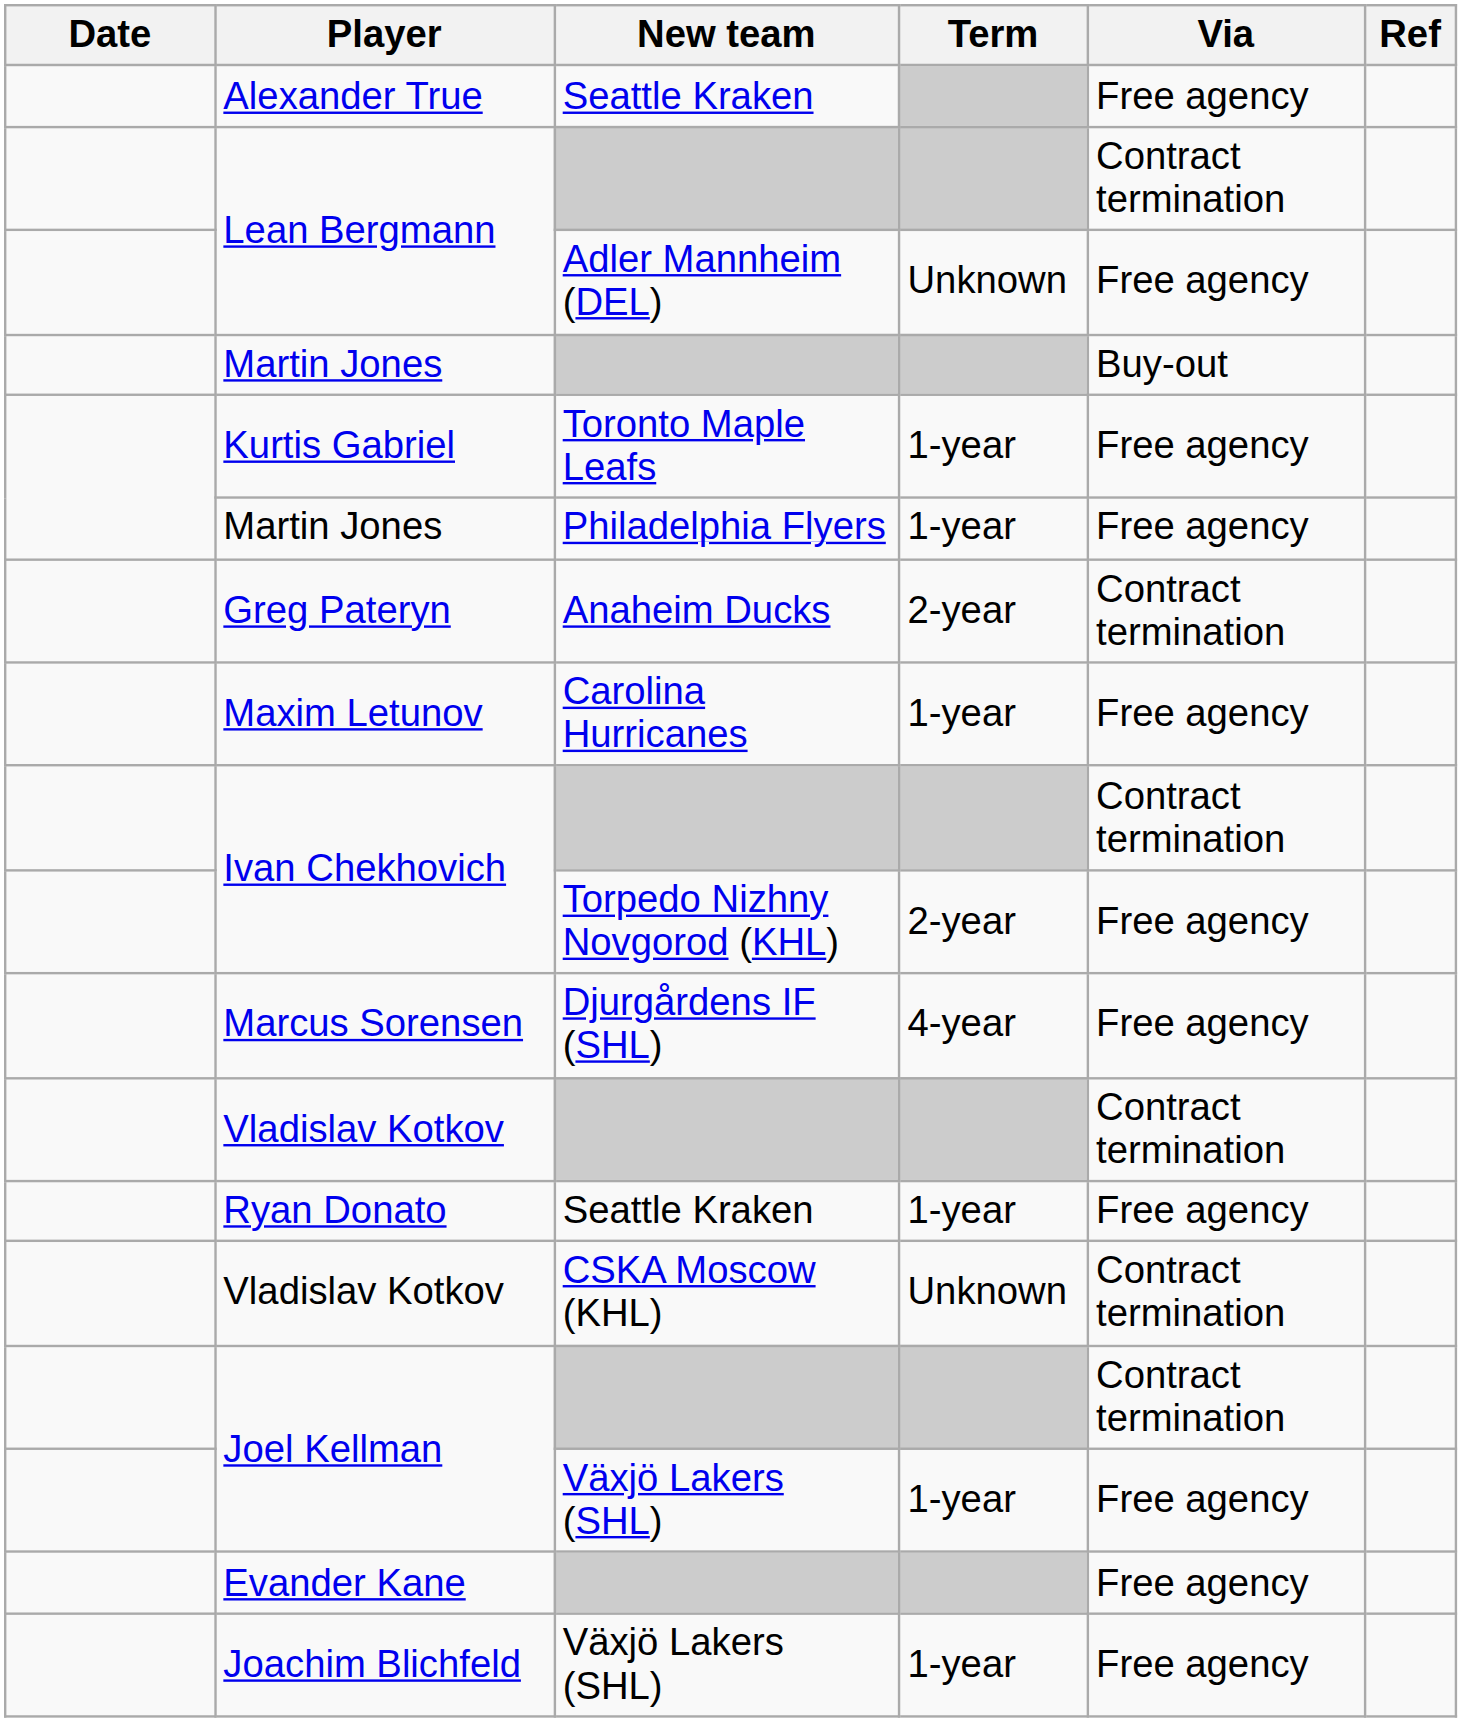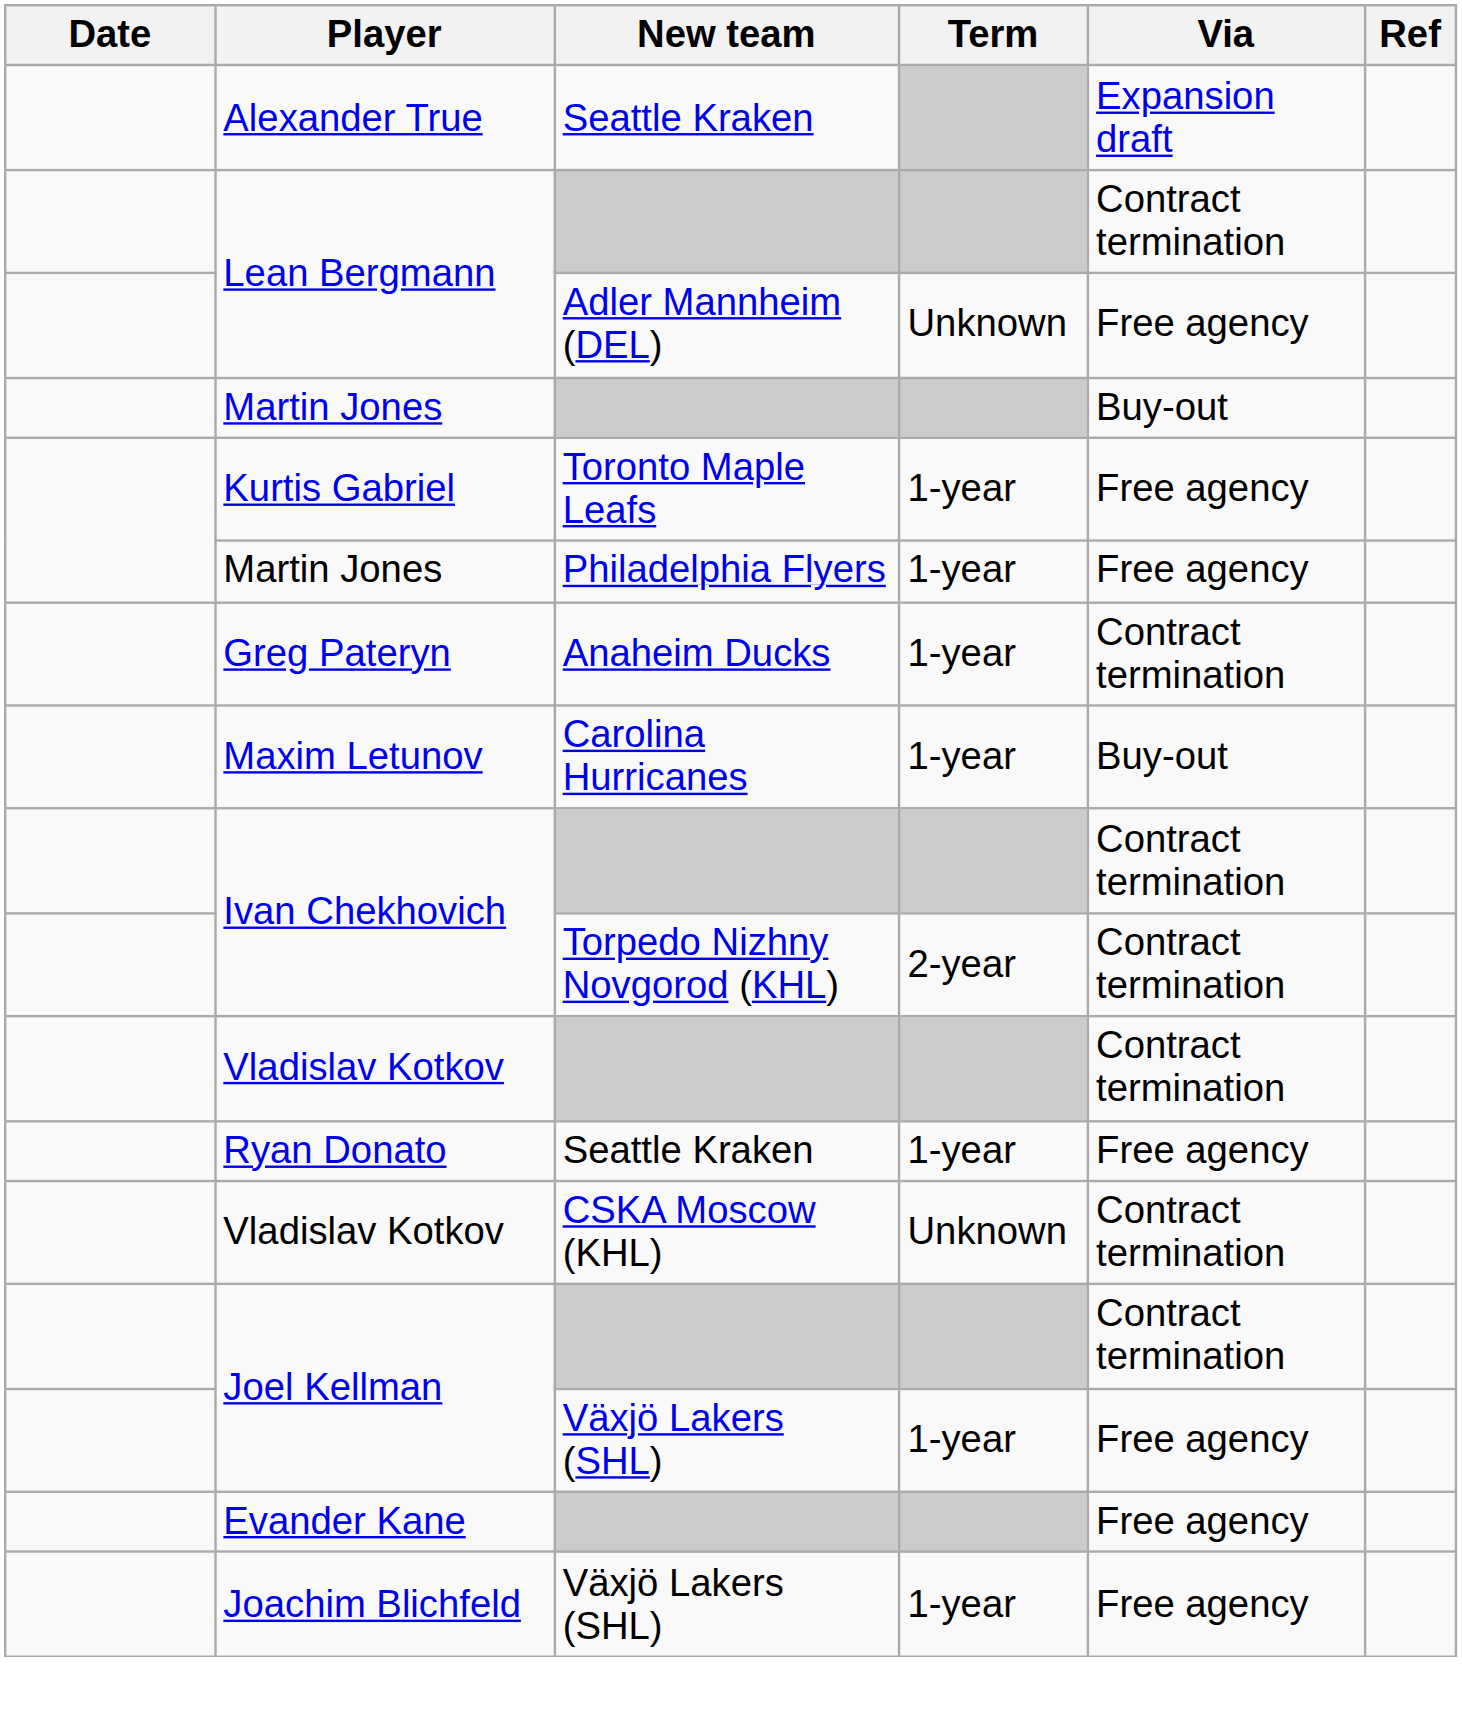 <table class="wikitable">
 <tr style="background:#ddd; text-align:center;">
 <th style="width: 10em;">Date</th>
 <th style="width: 14em;">Player</th>
 <th style="width: 14em;">New team</th>
 <th style="width: 5em;">Term</th>
 <th style="width: 10em;">Via</th>
 <th style="width: 2.5em;">Ref</th>
 </tr>
 <tr>
 <td></td>
 <td><a href='#'>Alexander True</a></td>
 <td><a href='#'>Seattle Kraken</a></td>
 <td style="background:#ccc;"></td>
-<td>Free agency</td>
+<td><a href='#'>Expansion draft</a></td>
 <td></td>
 </tr>
 <tr>
 <td></td>
 <td rowspan=2><a href='#'>Lean Bergmann</a></td>
 <td style="background:#ccc;"></td>
 <td style="background:#ccc;"></td>
 <td>Contract termination</td>
 <td></td>
 </tr>
 <tr>
 <td></td>
 <td><a href='#'>Adler Mannheim</a> (<a href='#'>DEL</a>)</td>
 <td>Unknown</td>
 <td>Free agency</td>
 <td></td>
 </tr>
 <tr>
 <td></td>
 <td><a href='#'>Martin Jones</a></td>
 <td style="background:#ccc;"></td>
 <td style="background:#ccc;"></td>
 <td>Buy-out</td>
 <td></td>
 </tr>
 <tr>
 <td rowspan=2></td>
 <td><a href='#'>Kurtis Gabriel</a></td>
 <td><a href='#'>Toronto Maple Leafs</a></td>
 <td>1-year</td>
 <td>Free agency</td>
 <td></td>
 </tr>
 <tr>
 <td>Martin Jones</td>
 <td><a href='#'>Philadelphia Flyers</a></td>
 <td>1-year</td>
 <td>Free agency</td>
 <td></td>
 </tr>
 <tr>
 <td></td>
 <td><a href='#'>Greg Pateryn</a></td>
 <td><a href='#'>Anaheim Ducks</a></td>
-<td>2-year</td>
+<td>1-year</td>
 <td>Contract termination</td>
 <td></td>
 </tr>
 <tr>
 <td></td>
 <td><a href='#'>Maxim Letunov</a></td>
 <td><a href='#'>Carolina Hurricanes</a></td>
 <td>1-year</td>
-<td>Free agency</td>
+<td>Buy-out</td>
 <td></td>
 </tr>
 <tr>
 <td></td>
 <td rowspan=2><a href='#'>Ivan Chekhovich</a></td>
 <td style="background:#ccc;"></td>
 <td style="background:#ccc;"></td>
 <td>Contract termination</td>
 <td></td>
 </tr>
 <tr>
 <td></td>
 <td><a href='#'>Torpedo Nizhny Novgorod</a> (<a href='#'>KHL</a>)</td>
 <td>2-year</td>
-<td>Free agency</td>
-<td></td>
-</tr>
-<tr>
-<td></td>
-<td><a href='#'>Marcus Sorensen</a></td>
-<td><a href='#'>Djurgårdens IF</a> (<a href='#'>SHL</a>)</td>
-<td>4-year</td>
-<td>Free agency</td>
+<td>Contract termination</td>
 <td></td>
 </tr>
 <tr>
 <td></td>
 <td><a href='#'>Vladislav Kotkov</a></td>
 <td style="background:#ccc;"></td>
 <td style="background:#ccc;"></td>
 <td>Contract termination</td>
 <td></td>
 </tr>
 <tr>
 <td></td>
 <td><a href='#'>Ryan Donato</a></td>
 <td>Seattle Kraken</td>
 <td>1-year</td>
 <td>Free agency</td>
 <td></td>
 </tr>
 <tr>
 <td></td>
 <td>Vladislav Kotkov</td>
 <td><a href='#'>CSKA Moscow</a> (KHL)</td>
 <td>Unknown</td>
 <td>Contract termination</td>
 <td></td>
 </tr>
 <tr>
 <td></td>
 <td rowspan=2><a href='#'>Joel Kellman</a></td>
 <td style="background:#ccc;"></td>
 <td style="background:#ccc;"></td>
 <td>Contract termination</td>
 <td></td>
 </tr>
 <tr>
 <td></td>
 <td><a href='#'>Växjö Lakers</a> (<a href='#'>SHL</a>)</td>
 <td>1-year</td>
 <td>Free agency</td>
 <td></td>
 </tr>
 <tr>
 <td></td>
 <td><a href='#'>Evander Kane</a></td>
 <td style="background:#ccc;"></td>
 <td style="background:#ccc;"></td>
 <td>Free agency</td>
 <td></td>
 </tr>
 <tr>
 <td></td>
 <td><a href='#'>Joachim Blichfeld</a></td>
 <td>Växjö Lakers (SHL)</td>
 <td>1-year</td>
 <td>Free agency</td>
 <td></td>
 </tr>
 </table>
